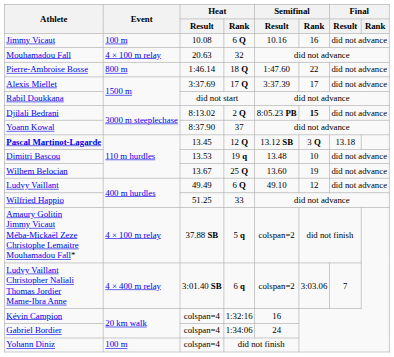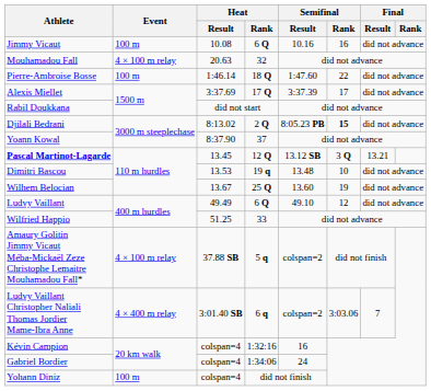 <table class="wikitable"  style=font-size:90%>
 <tr>
 <th rowspan="2">Athlete</th>
 <th rowspan="2">Event</th>
 <th colspan="2">Heat</th>
 <th colspan="2">Semifinal</th>
 <th colspan="2">Final</th>
 </tr>
 <tr>
 <th>Result</th>
 <th>Rank</th>
 <th>Result</th>
 <th>Rank</th>
 <th>Result</th>
 <th>Rank</th>
 </tr>
 <tr style=text-align:center>
 <td style=text-align:left><a href='#'>Jimmy Vicaut</a></td>
 <td style=text-align:left><a href='#'>100 m</a></td>
 <td>10.08</td>
 <td>6 <strong>Q</strong></td>
 <td>10.16</td>
 <td>16</td>
 <td colspan=2>did not advance</td>
 </tr>
 <tr style=text-align:center>
 <td style=text-align:left><a href='#'>Mouhamadou Fall</a></td>
 <td style=text-align:left><a href='#'>4 × 100 m relay</a></td>
 <td>20.63</td>
 <td>32</td>
 <td colspan=4>did not advance</td>
 </tr>
 <tr style=text-align:center>
 <td style=text-align:left><a href='#'>Pierre-Ambroise Bosse</a></td>
-<td style=text-align:left><a href='#'>800 m</a></td>
+<td style=text-align:left><a href='#'>100 m</a></td>
 <td>1:46.14</td>
 <td>18 <strong>Q</strong></td>
 <td>1:47.60</td>
 <td>22</td>
 <td colspan=2>did not advance</td>
 </tr>
 <tr style=text-align:center>
 <td style=text-align:left><a href='#'>Alexis Miellet</a></td>
 <td style=text-align:left rowspan=2><a href='#'>1500 m</a></td>
 <td>3:37.69</td>
 <td>17 <strong>Q</strong></td>
 <td>3:37.39</td>
 <td>17</td>
 <td colspan=2>did not advance</td>
 </tr>
 <tr style=text-align:center>
 <td style=text-align:left><a href='#'>Rabil Doukkana</a></td>
 <td colspan=2>did not start</td>
 <td colspan=4>did not advance</td>
 </tr>
 <tr style=text-align:center>
 <td style=text-align:left><a href='#'>Djilali Bedrani</a></td>
 <td style=text-align:left rowspan=2><a href='#'>3000 m steeplechase</a></td>
 <td>8:13.02</td>
 <td>2 <strong>Q</strong></td>
 <td>8:05.23 <strong>PB</strong></td>
 <td><strong>15</strong></td>
 <td colspan=2>did not advance</td>
 </tr>
 <tr style=text-align:center>
 <td style=text-align:left><a href='#'>Yoann Kowal</a></td>
 <td>8:37.90</td>
 <td>37</td>
 <td colspan=4>did not advance</td>
 </tr>
 <tr style=text-align:center>
 <td style=text-align:left><strong><a href='#'>Pascal Martinot-Lagarde</a></strong></td>
 <td style=text-align:left rowspan=3><a href='#'>110 m hurdles</a></td>
 <td>13.45</td>
 <td>12 <strong>Q</strong></td>
 <td>13.12 <strong>SB</strong></td>
 <td>3 <strong>Q</strong></td>
-<td>13.18</td>
+<td>13.21</td>
 <td></td>
 </tr>
 <tr style=text-align:center>
 <td style=text-align:left><a href='#'>Dimitri Bascou</a></td>
 <td>13.53</td>
 <td>19 <strong>q</strong></td>
 <td>13.48</td>
 <td>10</td>
 <td colspan=2>did not advance</td>
 </tr>
 <tr style=text-align:center>
 <td style=text-align:left><a href='#'>Wilhem Belocian</a></td>
 <td>13.67</td>
 <td>25 <strong>Q</strong></td>
 <td>13.60</td>
 <td>19</td>
 <td colspan=2>did not advance</td>
 </tr>
 <tr style=text-align:center>
 <td style=text-align:left><a href='#'>Ludvy Vaillant</a></td>
 <td style=text-align:left rowspan=2><a href='#'>400 m hurdles</a></td>
 <td>49.49</td>
 <td>6 <strong>Q</strong></td>
 <td>49.10</td>
 <td>12</td>
 <td colspan=2>did not advance</td>
 </tr>
 <tr style=text-align:center>
 <td style=text-align:left><a href='#'>Wilfried Happio</a></td>
 <td>51.25</td>
 <td>33</td>
 <td colspan=4>did not advance</td>
 </tr>
 <tr style=text-align:center>
 <td style=text-align:left><a href='#'>Amaury Golitin</a><br> <a href='#'>Jimmy Vicaut</a><br> <a href='#'>Méba-Mickaël Zeze</a><br> <a href='#'>Christophe Lemaitre</a><br><a href='#'>Mouhamadou Fall</a>*</td>
 <td style=text-align:left><a href='#'>4 × 100 m relay</a></td>
 <td>37.88 <strong>SB</strong></td>
 <td>5 <strong>q</strong></td>
 <td>colspan=2</td>
 <td colspan=2>did not finish</td>
 </tr>
 <tr style=text-align:center>
 <td style=text-align:left><a href='#'>Ludvy Vaillant</a><br> <a href='#'>Christopher Naliali</a><br> <a href='#'>Thomas Jordier</a><br> <a href='#'>Mame-Ibra Anne</a></td>
 <td style=text-align:left><a href='#'>4 × 400 m relay</a></td>
 <td>3:01.40 <strong>SB</strong></td>
 <td>6 <strong>q</strong></td>
 <td>colspan=2</td>
 <td>3:03.06</td>
 <td>7</td>
 </tr>
 <tr style=text-align:center>
 <td style=text-align:left><a href='#'>Kévin Campion</a></td>
 <td style=text-align:left rowspan=2><a href='#'>20 km walk</a></td>
 <td>colspan=4</td>
 <td>1:32:16</td>
 <td>16</td>
 </tr>
 <tr style=text-align:center>
 <td style=text-align:left><a href='#'>Gabriel Bordier</a></td>
 <td>colspan=4</td>
 <td>1:34:06</td>
 <td>24</td>
 </tr>
 <tr style=text-align:center>
 <td style=text-align:left><a href='#'>Yohann Diniz</a></td>
 <td style=text-align:left><a href='#'>100 m</a></td>
 <td>colspan=4</td>
 <td colspan=2>did not finish</td>
 </tr>
 </table>
